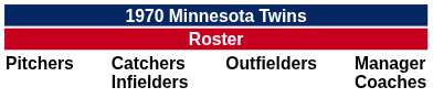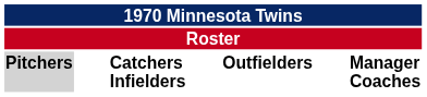 <table class="toccolours" style="font-size: 95%;">
 <tr>
 <th colspan="10" style="background-color: #072764; color: white; text-align: center;">1970 Minnesota Twins</th>
 </tr>
 <tr>
 <td colspan="10" style="background-color: #c6011f; color: white; text-align: center;"><strong>Roster</strong></td>
 </tr>
 <tr>
-<td valign="top"><strong>Pitchers</strong><br>            </td>
+<td valign="top" style="background: lightgrey;"><strong>Pitchers</strong><br>            </td>
 <td width="25px"></td>
 <td valign="top"><strong>Catchers</strong><br>    <strong>Infielders</strong>         </td>
 <td width="25px"></td>
 <td valign="top"><strong>Outfielders</strong><br>        </td>
 <td width="25px"></td>
 <td valign="top"><strong>Manager</strong><br> <strong>Coaches</strong>     </td>
 </tr>
 <tr>
 </tr>
 </table>
